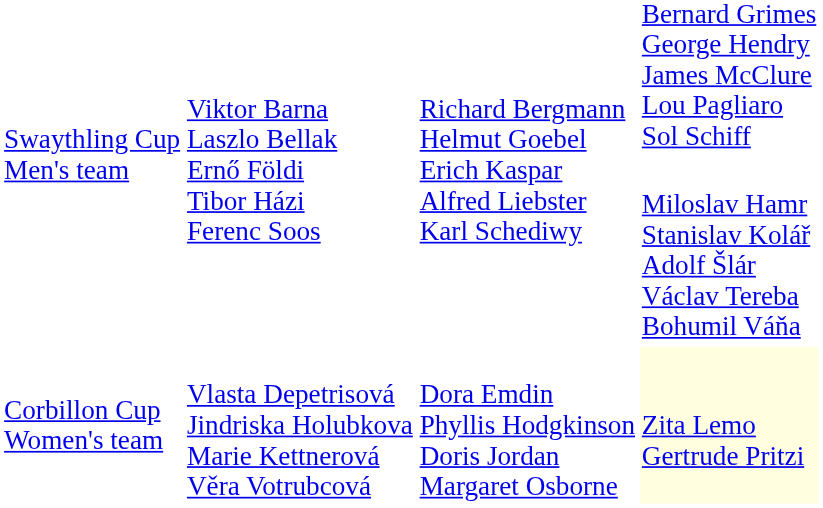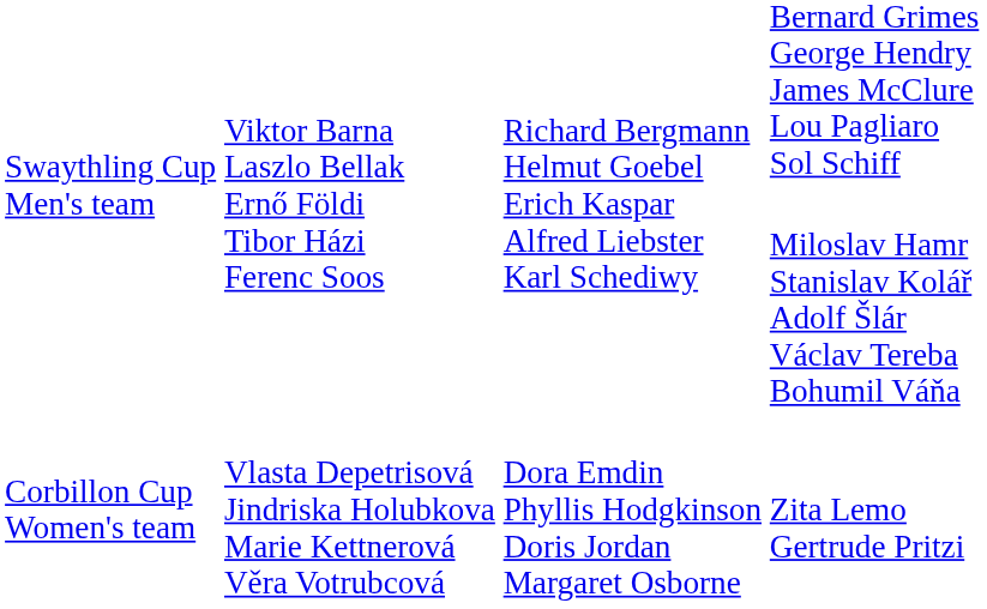 <table>
 <tr>
 <td rowspan=2><a href='#'>Swaythling Cup<br>Men's team</a></td>
 <td rowspan=2><br><a href='#'>Viktor Barna</a><br><a href='#'>Laszlo Bellak</a><br><a href='#'>Ernő Földi</a><br><a href='#'>Tibor Házi</a><br><a href='#'>Ferenc Soos</a></td>
 <td rowspan=2><br><a href='#'>Richard Bergmann</a><br><a href='#'>Helmut Goebel</a><br><a href='#'>Erich Kaspar</a><br><a href='#'>Alfred Liebster</a><br><a href='#'>Karl Schediwy</a></td>
 <td><br><a href='#'>Bernard Grimes</a><br><a href='#'>George Hendry</a><br><a href='#'>James McClure</a><br><a href='#'>Lou Pagliaro</a><br><a href='#'>Sol Schiff</a></td>
 </tr>
 <tr>
 <td><br><a href='#'>Miloslav Hamr</a><br><a href='#'>Stanislav Kolář</a><br><a href='#'>Adolf Šlár</a><br><a href='#'>Václav Tereba</a><br><a href='#'>Bohumil Váňa</a></td>
 </tr>
 <tr>
 <td><a href='#'>Corbillon Cup<br>Women's team</a></td>
 <td><br><a href='#'>Vlasta Depetrisová</a><br><a href='#'>Jindriska Holubkova</a><br><a href='#'>Marie Kettnerová</a><br><a href='#'>Věra Votrubcová</a></td>
 <td><br><a href='#'>Dora Emdin</a><br><a href='#'>Phyllis Hodgkinson</a><br><a href='#'>Doris Jordan</a><br><a href='#'>Margaret Osborne</a></td>
-<td style="background: lightyellow;"><br><a href='#'>Zita Lemo</a><br><a href='#'>Gertrude Pritzi</a></td>
+<td><br><a href='#'>Zita Lemo</a><br><a href='#'>Gertrude Pritzi</a></td>
 </tr>
 </table>
